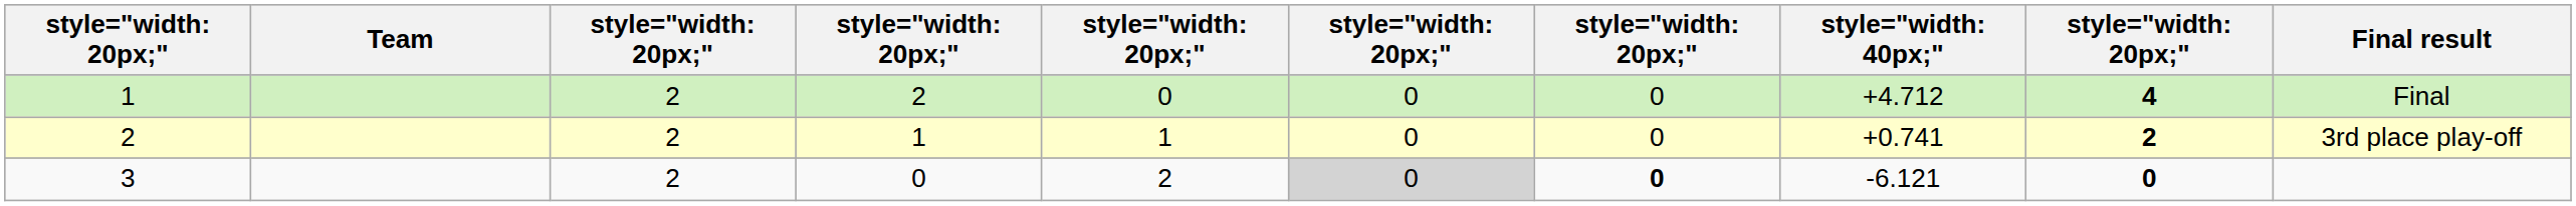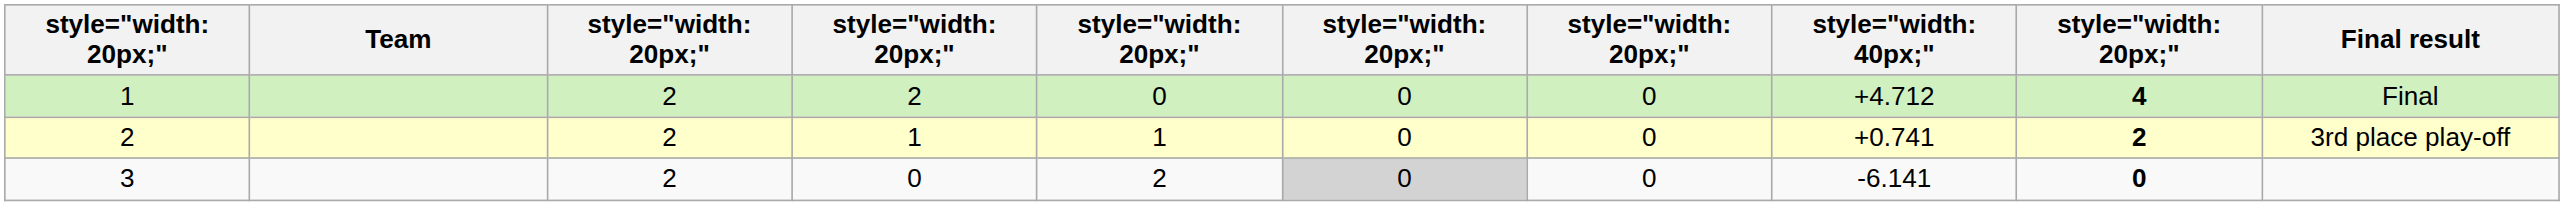 <table class="wikitable" border="1" style="text-align: center;">
 <tr>
 <th>style="width: 20px;"</th>
 <th style="width: 175px;">Team</th>
 <th>style="width: 20px;"</th>
 <th>style="width: 20px;"</th>
 <th>style="width: 20px;"</th>
 <th>style="width: 20px;"</th>
 <th>style="width: 20px;"</th>
 <th>style="width: 40px;"</th>
 <th>style="width: 20px;"</th>
 <th style="width: 175px;">Final result</th>
 </tr>
 <tr style="background:#D0F0C0;">
 <td>1</td>
 <td style="text-align:left"></td>
 <td>2</td>
 <td>2</td>
 <td>0</td>
 <td>0</td>
 <td>0</td>
 <td>+4.712</td>
 <td><strong>4</strong></td>
 <td>Final</td>
 </tr>
 <tr style="background:#ffc;">
 <td>2</td>
 <td style="text-align:left"></td>
 <td>2</td>
 <td>1</td>
 <td>1</td>
 <td>0</td>
 <td>0</td>
 <td>+0.741</td>
 <td><strong>2</strong></td>
 <td>3rd place play-off</td>
 </tr>
 <tr>
 <td>3</td>
 <td style="text-align:left"></td>
 <td>2</td>
 <td>0</td>
 <td>2</td>
 <td style="background: lightgrey;">0</td>
-<td><strong>0</strong></td>
-<td>-6.121</td>
+<td>0</td>
+<td>-6.141</td>
 <td><strong>0</strong></td>
 </tr>
 </table>
